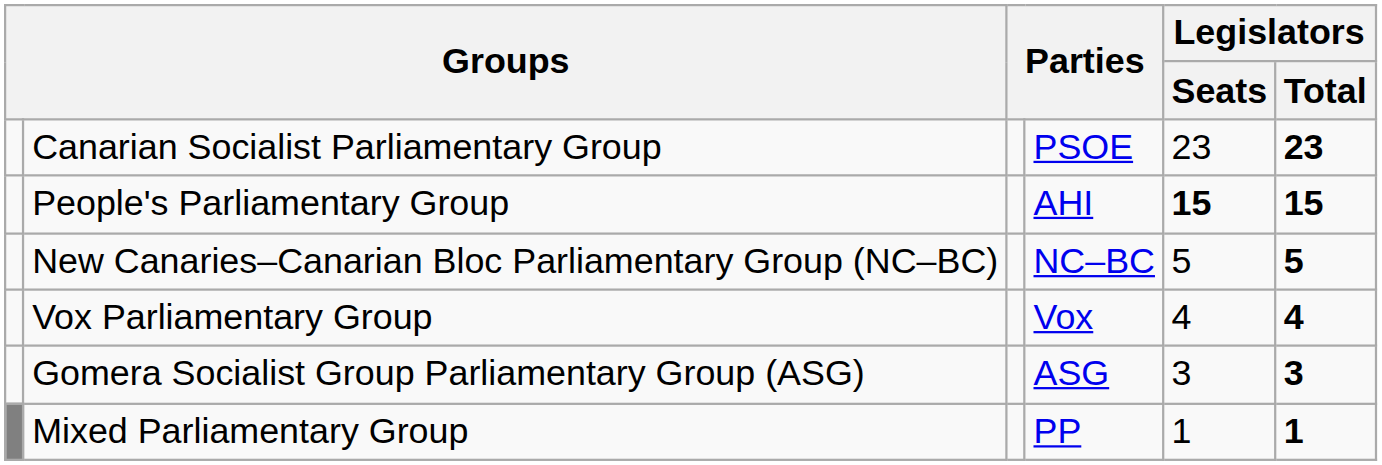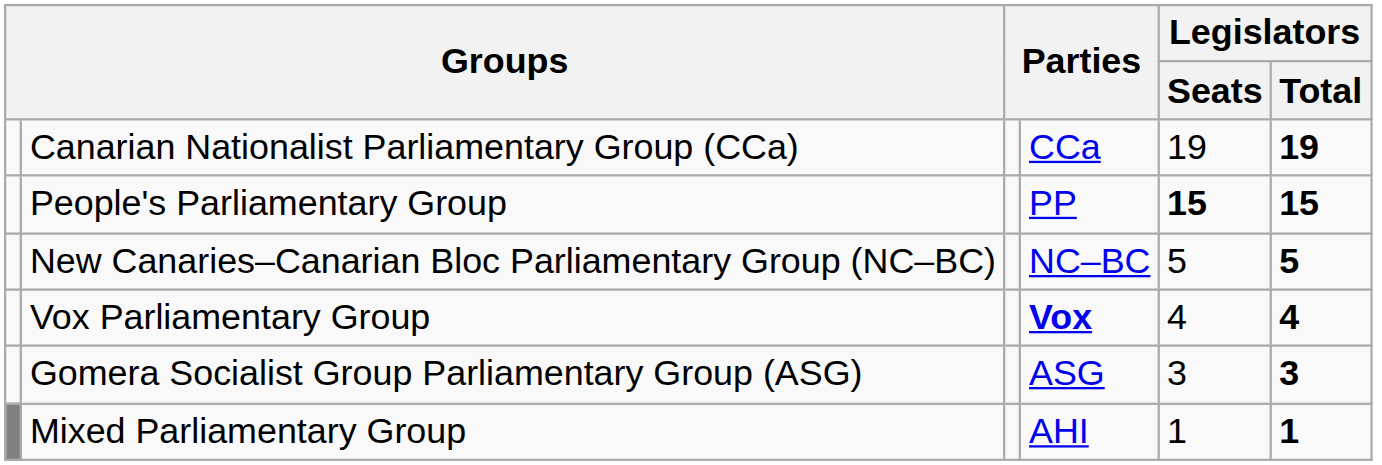 <table class="wikitable" style="text-align:left;">
 <tr>
 <th rowspan="2" colspan="2">Groups</th>
 <th rowspan="2" colspan="2">Parties</th>
 <th colspan="2">Legislators</th>
 </tr>
 <tr>
 <th>Seats</th>
 <th>Total</th>
 </tr>
 <tr>
-<td width="1" style="color:inherit;background:"></td>
-<td>Canarian Socialist Parliamentary Group</td>
-<td width="1" style="color:inherit;background:"></td>
-<td align="left"><a href='#'>PSOE</a></td>
-<td>23</td>
-<td><strong>23</strong></td>
+<td style="color:inherit;background:"></td>
+<td>Canarian Nationalist Parliamentary Group (CCa)</td>
+<td style="color:inherit;background:"></td>
+<td align="left"><a href='#'>CCa</a></td>
+<td>19</td>
+<td><strong>19</strong></td>
 </tr>
 <tr>
 <td style="color:inherit;background:"></td>
 <td>People's Parliamentary Group</td>
 <td style="color:inherit;background:"></td>
-<td align="left"><a href='#'>AHI</a></td>
+<td align="left"><a href='#'>PP</a></td>
 <td><strong>15</strong></td>
 <td><strong>15</strong></td>
 </tr>
 <tr>
 <td style="color:inherit;background:"></td>
 <td>New Canaries–Canarian Bloc Parliamentary Group (NC–BC)</td>
 <td style="color:inherit;background:"></td>
 <td align="left"><a href='#'>NC–BC</a></td>
 <td>5</td>
 <td><strong>5</strong></td>
 </tr>
 <tr>
 <td style="color:inherit;background:"></td>
 <td>Vox Parliamentary Group</td>
 <td style="color:inherit;background:"></td>
-<td align="left"><a href='#'>Vox</a></td>
+<td align="left"><strong><a href='#'>Vox</a></strong></td>
 <td>4</td>
 <td><strong>4</strong></td>
 </tr>
 <tr>
 <td style="color:inherit;background:"></td>
 <td>Gomera Socialist Group Parliamentary Group (ASG)</td>
 <td style="color:inherit;background:"></td>
 <td align="left"><a href='#'>ASG</a></td>
 <td>3</td>
 <td><strong>3</strong></td>
 </tr>
 <tr>
 <td bgcolor="gray"></td>
 <td>Mixed Parliamentary Group</td>
 <td style="color:inherit;background:"></td>
-<td align="left"><a href='#'>PP</a></td>
+<td align="left"><a href='#'>AHI</a></td>
 <td>1</td>
 <td><strong>1</strong></td>
 </tr>
 </table>
